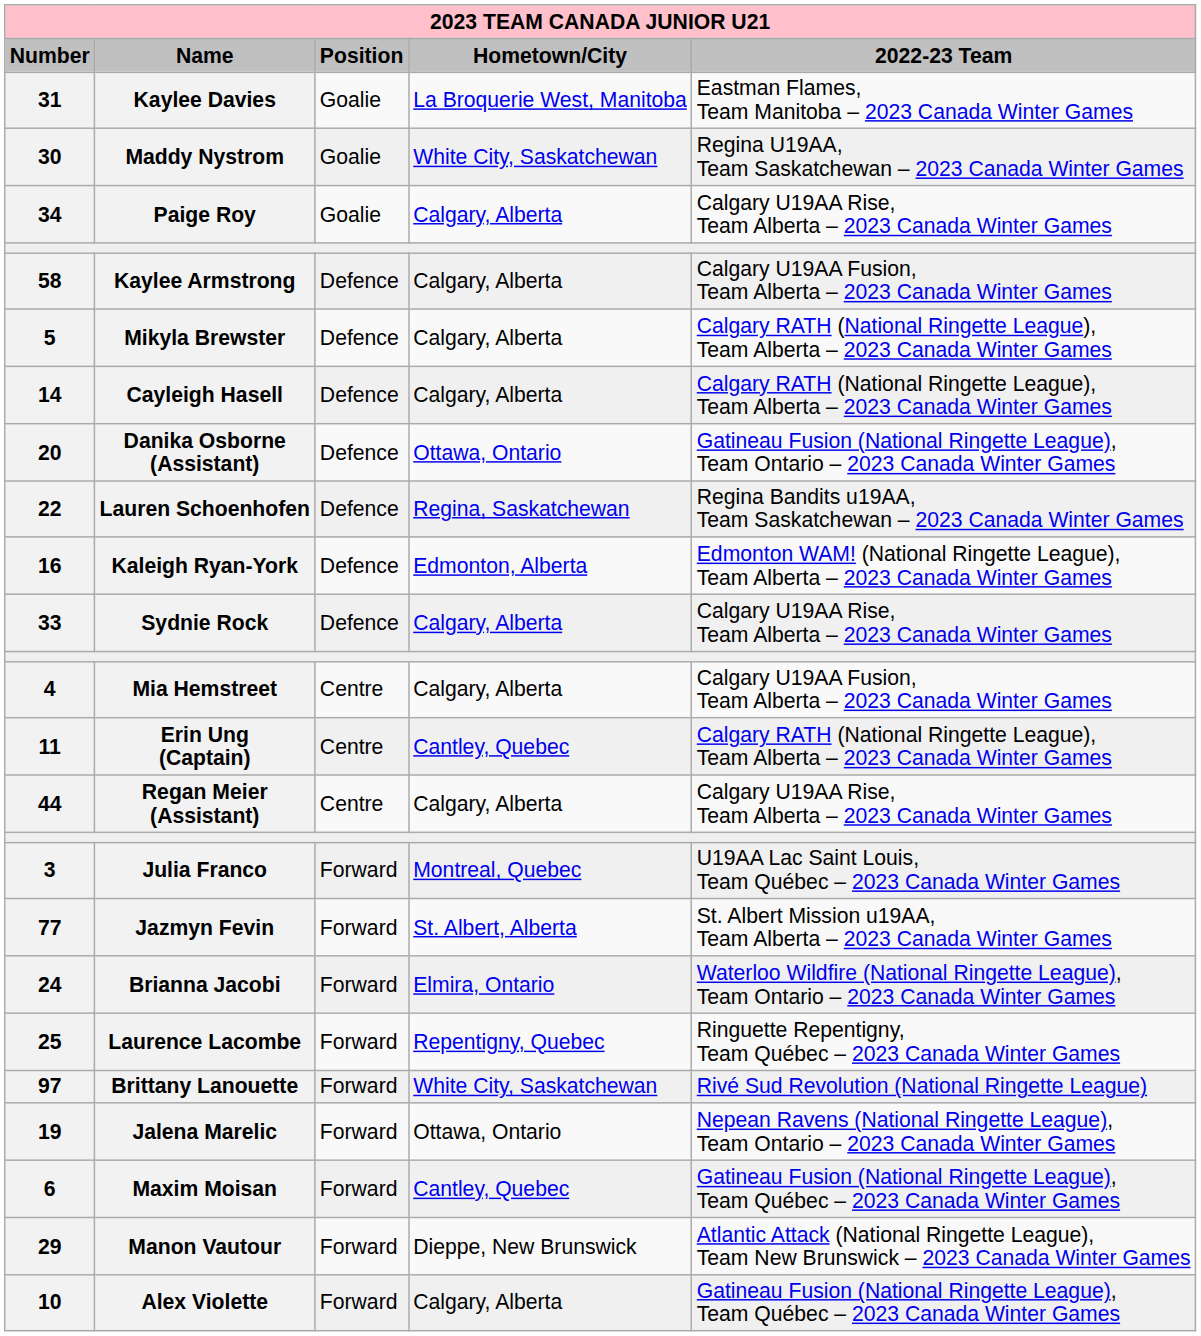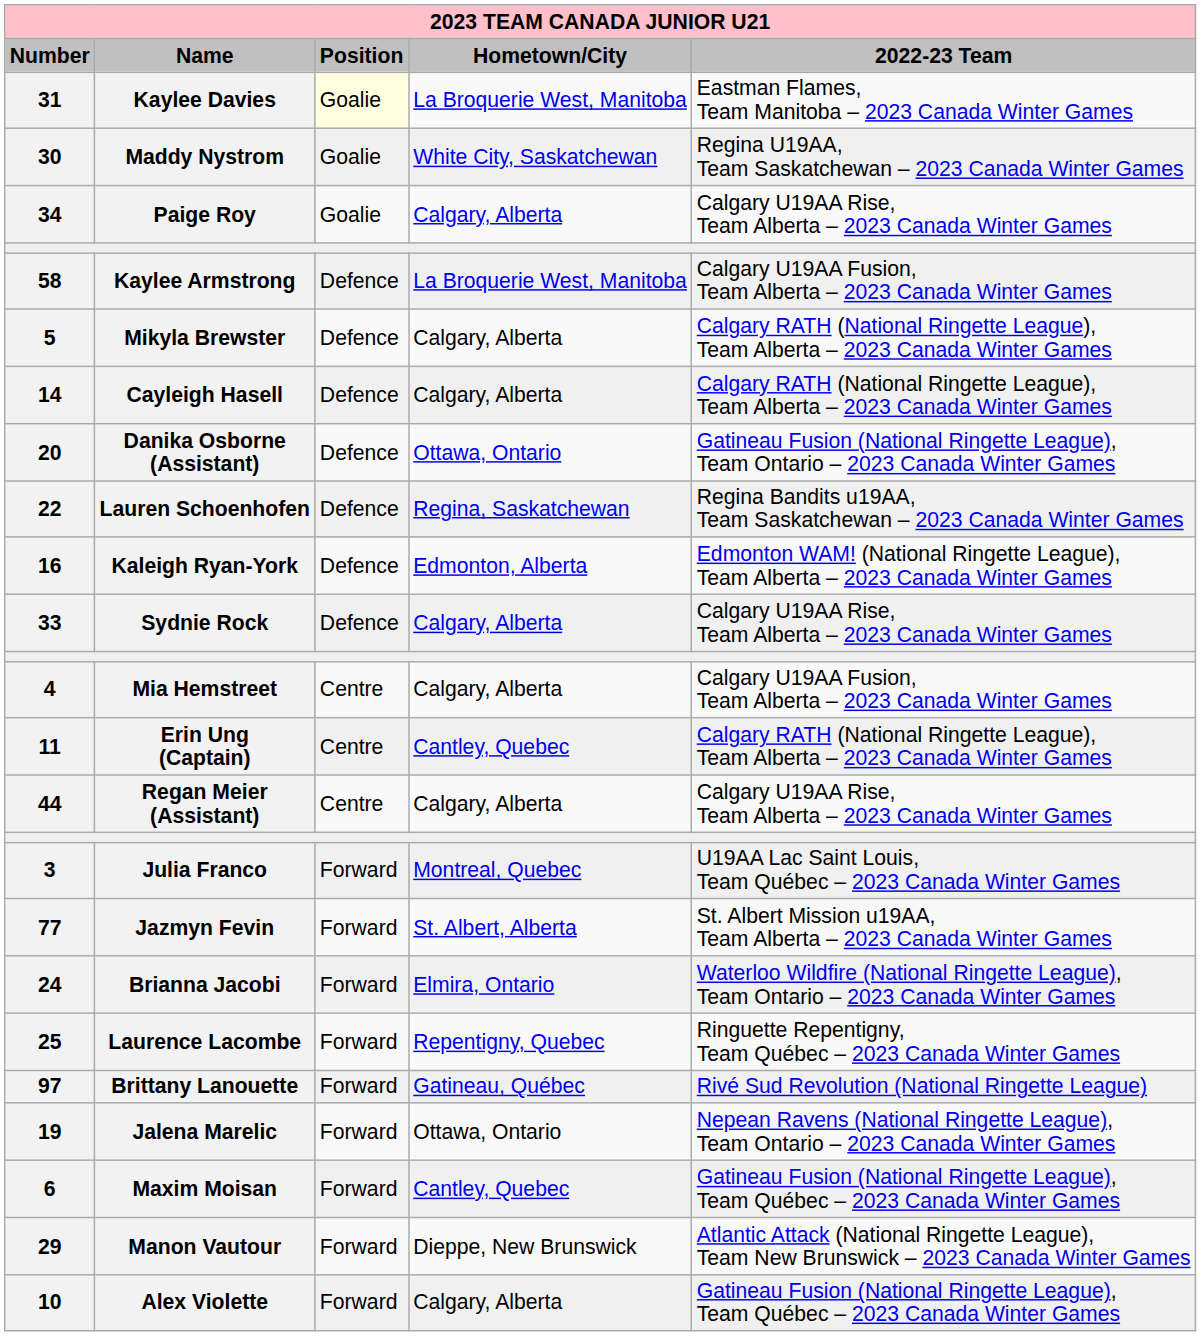 <table class="wikitable" style="text-align:left; font-size:90%;">
 <tr>
 <th style=background:pink colspan=5>2023  TEAM CANADA JUNIOR U21</th>
 </tr>
 <tr>
 <th style="background:silver;">Number</th>
 <th style="background:silver;">Name</th>
 <th style="background:silver;">Position</th>
 <th style="background:silver;">Hometown/City</th>
 <th style="background:silver;">2022-23 Team</th>
 </tr>
 <tr>
 <th align=left>31</th>
 <th align=left>Kaylee Davies</th>
-<td align=left>Goalie</td>
+<td align=left style="background: lightyellow;">Goalie</td>
 <td><a href='#'>La Broquerie West, Manitoba</a></td>
 <td>Eastman Flames,<br>Team Manitoba – <a href='#'>2023 Canada Winter Games</a></td>
 </tr>
 <tr bgcolor="#f0f0f0">
 <th align=left>30</th>
 <th align=left>Maddy Nystrom</th>
 <td align=left>Goalie</td>
 <td><a href='#'>White City, Saskatchewan</a></td>
 <td>Regina U19AA,<br>Team Saskatchewan – <a href='#'>2023 Canada Winter Games</a></td>
 </tr>
 <tr>
 <th align=left>34</th>
 <th align=left>Paige Roy</th>
 <td align=left>Goalie</td>
 <td><a href='#'>Calgary, Alberta</a></td>
 <td>Calgary U19AA Rise,<br>Team Alberta – <a href='#'>2023 Canada Winter Games</a></td>
 </tr>
 <tr>
 <td style="background:#eeee" align=center colspan=5></td>
 </tr>
 <tr bgcolor="#f0f0f0">
 <th align=left>58</th>
 <th align=left>Kaylee Armstrong</th>
 <td align=left>Defence</td>
-<td>Calgary, Alberta</td>
+<td><a href='#'>La Broquerie West, Manitoba</a></td>
 <td>Calgary U19AA Fusion,<br>Team Alberta – <a href='#'>2023 Canada Winter Games</a></td>
 </tr>
 <tr>
 <th align=left>5</th>
 <th align=left>Mikyla Brewster</th>
 <td align=left>Defence</td>
 <td>Calgary, Alberta</td>
 <td><a href='#'>Calgary RATH</a> (<a href='#'>National Ringette League</a>),<br>Team Alberta – <a href='#'>2023 Canada Winter Games</a></td>
 </tr>
 <tr bgcolor="#f0f0f0">
 <th align=left>14</th>
 <th align=left>Cayleigh Hasell</th>
 <td align=left>Defence</td>
 <td>Calgary, Alberta</td>
 <td><a href='#'>Calgary RATH</a> (National Ringette League),<br>Team Alberta – <a href='#'>2023 Canada Winter Games</a></td>
 </tr>
 <tr>
 <th align=left>20</th>
 <th align=left>Danika Osborne<br>(Assistant)</th>
 <td align=left>Defence</td>
 <td><a href='#'>Ottawa, Ontario</a></td>
 <td><a href='#'>Gatineau Fusion (National Ringette League)</a>,<br>Team Ontario – <a href='#'>2023 Canada Winter Games</a></td>
 </tr>
 <tr bgcolor="#f0f0f0">
 <th align=left>22</th>
 <th align=left>Lauren Schoenhofen</th>
 <td align=left>Defence</td>
 <td><a href='#'>Regina, Saskatchewan</a></td>
 <td>Regina Bandits u19AA,<br>Team Saskatchewan – <a href='#'>2023 Canada Winter Games</a></td>
 </tr>
 <tr>
 <th align=left>16</th>
 <th align=left>Kaleigh Ryan-York</th>
 <td align=left>Defence</td>
 <td><a href='#'>Edmonton, Alberta</a></td>
 <td><a href='#'>Edmonton WAM!</a> (National Ringette League),<br>Team Alberta – <a href='#'>2023 Canada Winter Games</a></td>
 </tr>
 <tr bgcolor="#f0f0f0">
 <th align=left>33</th>
 <th align=left>Sydnie Rock</th>
 <td align=left>Defence</td>
 <td><a href='#'>Calgary, Alberta</a></td>
 <td>Calgary U19AA Rise,<br>Team Alberta – <a href='#'>2023 Canada Winter Games</a></td>
 </tr>
 <tr>
 <td style="background:#eeee" align=center colspan=5></td>
 </tr>
 <tr>
 <th align=left>4</th>
 <th align=left>Mia Hemstreet</th>
 <td align=left>Centre</td>
 <td>Calgary, Alberta</td>
 <td>Calgary U19AA Fusion,<br>Team Alberta – <a href='#'>2023 Canada Winter Games</a></td>
 </tr>
 <tr bgcolor="#f0f0f0">
 <th align=left>11</th>
 <th align=left>Erin Ung<br>(Captain)</th>
 <td align=left>Centre</td>
 <td><a href='#'>Cantley, Quebec</a></td>
 <td><a href='#'>Calgary RATH</a> (National Ringette League),<br>Team Alberta – <a href='#'>2023 Canada Winter Games</a></td>
 </tr>
 <tr>
 <th align=left>44</th>
 <th align=left>Regan Meier<br>(Assistant)</th>
 <td align=left>Centre</td>
 <td>Calgary, Alberta</td>
 <td>Calgary U19AA Rise,<br>Team Alberta – <a href='#'>2023 Canada Winter Games</a></td>
 </tr>
 <tr>
 <td style="background:#eeee" align=center colspan=5></td>
 </tr>
 <tr bgcolor="#f0f0f0">
 <th align=left>3</th>
 <th align=left>Julia Franco</th>
 <td align=left>Forward</td>
 <td><a href='#'>Montreal, Quebec</a></td>
 <td>U19AA Lac Saint Louis,<br>Team Québec – <a href='#'>2023 Canada Winter Games</a></td>
 </tr>
 <tr>
 <th align=left>77</th>
 <th align=left>Jazmyn Fevin</th>
 <td align=left>Forward</td>
 <td><a href='#'>St. Albert, Alberta</a></td>
 <td>St. Albert Mission u19AA,<br>Team Alberta – <a href='#'>2023 Canada Winter Games</a></td>
 </tr>
 <tr bgcolor="#f0f0f0">
 <th align=left>24</th>
 <th align=left>Brianna Jacobi</th>
 <td align=left>Forward</td>
 <td><a href='#'>Elmira, Ontario</a></td>
 <td><a href='#'>Waterloo Wildfire (National Ringette League)</a>,<br>Team Ontario – <a href='#'>2023 Canada Winter Games</a></td>
 </tr>
 <tr>
 <th align=left>25</th>
 <th align=left>Laurence Lacombe</th>
 <td align=left>Forward</td>
 <td><a href='#'>Repentigny, Quebec</a></td>
 <td>Ringuette Repentigny,<br>Team Québec – <a href='#'>2023 Canada Winter Games</a></td>
 </tr>
 <tr bgcolor="#f0f0f0">
 <th align=left>97</th>
 <th align=left>Brittany Lanouette</th>
 <td align=left>Forward</td>
-<td><a href='#'>White City, Saskatchewan</a></td>
+<td><a href='#'>Gatineau, Québec</a></td>
 <td><a href='#'>Rivé Sud Revolution (National Ringette League)</a></td>
 </tr>
 <tr>
 <th align=left>19</th>
 <th align=left>Jalena Marelic</th>
 <td align=left>Forward</td>
 <td>Ottawa, Ontario</td>
 <td><a href='#'>Nepean Ravens (National Ringette League)</a>,<br>Team Ontario – <a href='#'>2023 Canada Winter Games</a></td>
 </tr>
 <tr bgcolor="#f0f0f0">
 <th align=left>6</th>
 <th align=left>Maxim Moisan</th>
 <td align=left>Forward</td>
 <td><a href='#'>Cantley, Quebec</a></td>
 <td><a href='#'>Gatineau Fusion (National Ringette League)</a>,<br>Team Québec – <a href='#'>2023 Canada Winter Games</a></td>
 </tr>
 <tr>
 <th align=left>29</th>
 <th align=left>Manon Vautour</th>
 <td align=left>Forward</td>
 <td>Dieppe, New Brunswick</td>
 <td><a href='#'>Atlantic Attack</a> (National Ringette League),<br>Team New Brunswick – <a href='#'>2023 Canada Winter Games</a></td>
 </tr>
 <tr bgcolor="#f0f0f0">
 <th align=left>10</th>
 <th align=left>Alex Violette</th>
 <td align=left>Forward</td>
 <td>Calgary, Alberta</td>
 <td><a href='#'>Gatineau Fusion (National Ringette League)</a>,<br>Team Québec – <a href='#'>2023 Canada Winter Games</a></td>
 </tr>
 </table>
